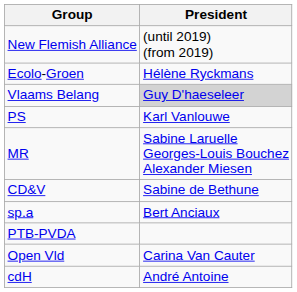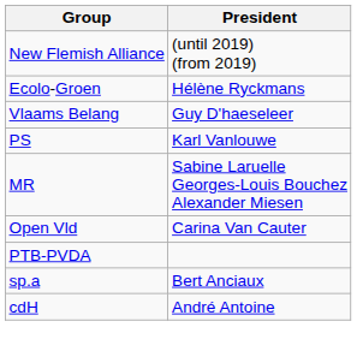 <table class="wikitable">
 <tr>
 <th>Group</th>
 <th>President</th>
 </tr>
 <tr>
 <td><a href='#'>New Flemish Alliance</a></td>
 <td> (until 2019)<br> (from 2019)</td>
 </tr>
 <tr>
 <td><a href='#'>Ecolo</a>-<a href='#'>Groen</a></td>
 <td><a href='#'>Hélène Ryckmans</a></td>
 </tr>
 <tr>
 <td><a href='#'>Vlaams Belang</a></td>
-<td style="background: lightgrey;"><a href='#'>Guy D'haeseleer</a></td>
+<td><a href='#'>Guy D'haeseleer</a></td>
 </tr>
 <tr>
 <td><a href='#'>PS</a></td>
 <td><a href='#'>Karl Vanlouwe</a></td>
 </tr>
 <tr>
 <td><a href='#'>MR</a></td>
 <td><a href='#'>Sabine Laruelle</a><br><a href='#'>Georges-Louis Bouchez</a><br> <a href='#'>Alexander Miesen</a><br> </td>
 </tr>
 <tr>
-<td><a href='#'>CD&V</a></td>
-<td><a href='#'>Sabine de Bethune</a></td>
+<td><a href='#'>Open Vld</a></td>
+<td><a href='#'>Carina Van Cauter</a></td>
+</tr>
+<tr>
+<td><a href='#'>PTB-PVDA</a></td>
+<td></td>
 </tr>
 <tr>
 <td><a href='#'>sp.a</a></td>
 <td><a href='#'>Bert Anciaux</a></td>
 </tr>
 <tr>
-<td><a href='#'>PTB-PVDA</a></td>
-<td></td>
-</tr>
-<tr>
-<td><a href='#'>Open Vld</a></td>
-<td><a href='#'>Carina Van Cauter</a></td>
-</tr>
-<tr>
 <td><a href='#'>cdH</a></td>
 <td><a href='#'>André Antoine</a></td>
 </tr>
 </table>
